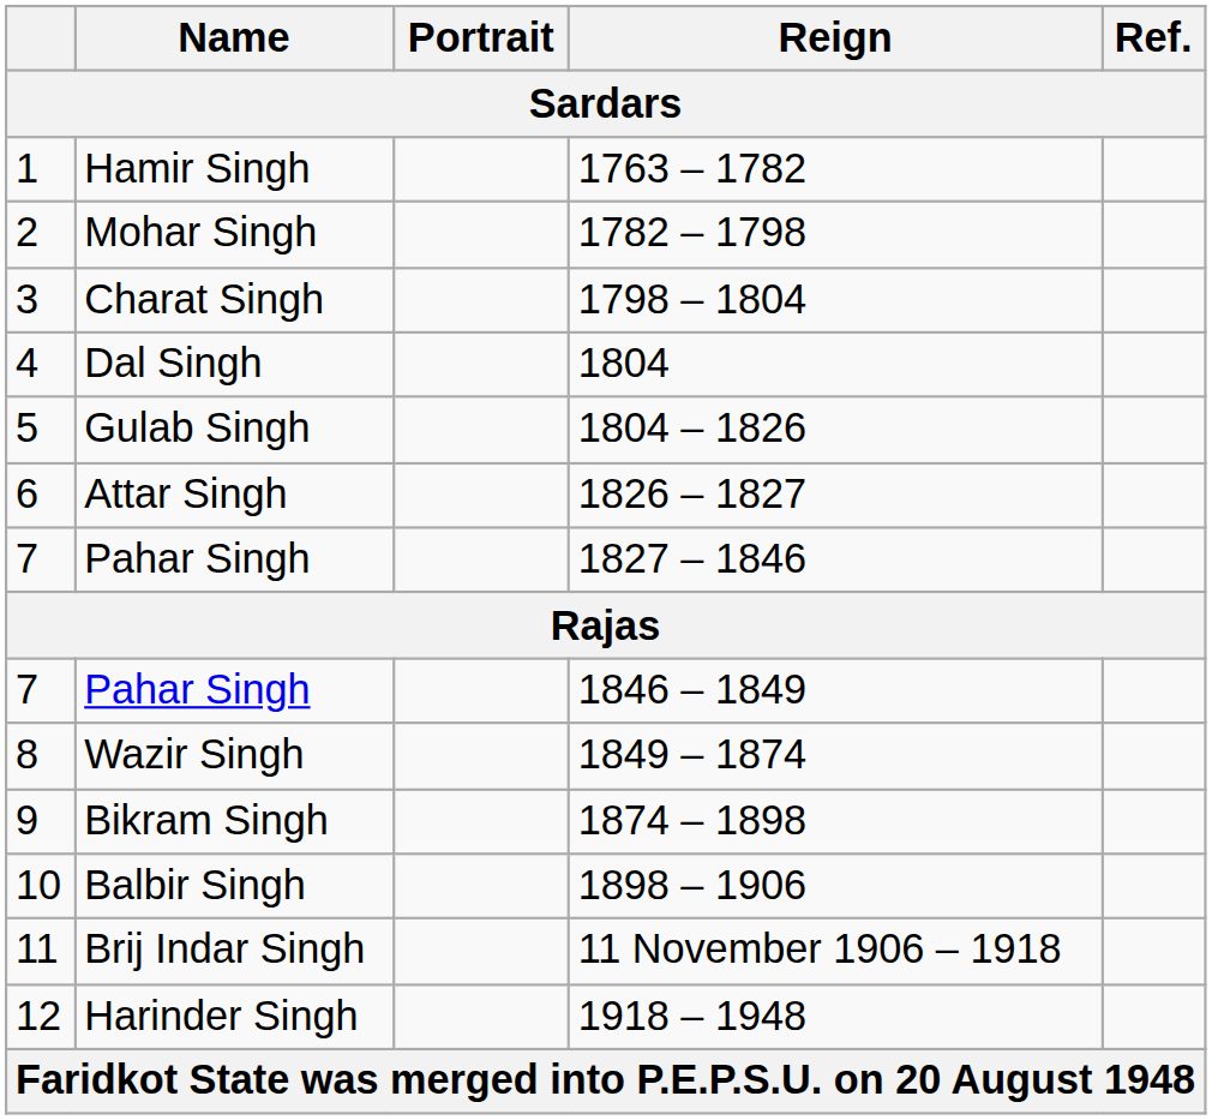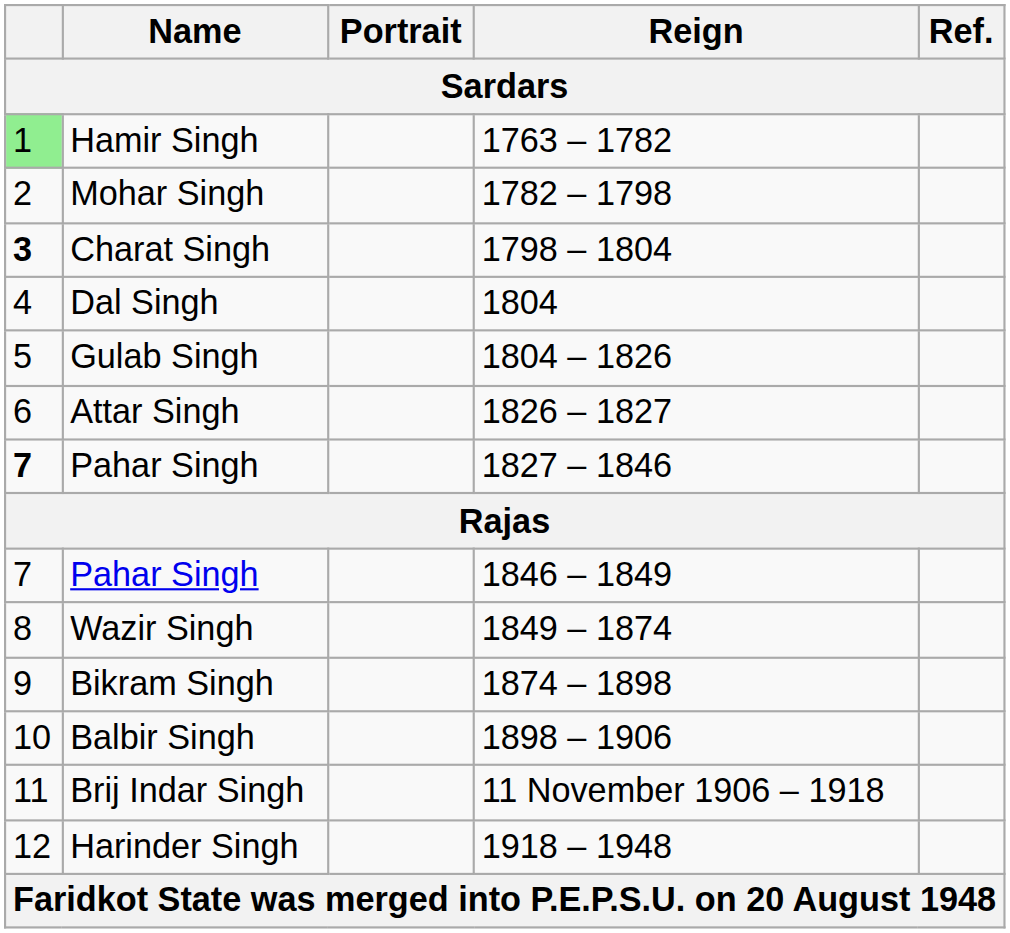 <table class="wikitable">
 <tr>
 <th></th>
 <th>Name<br></th>
 <th>Portrait</th>
 <th class="unsortable">Reign</th>
 <th>Ref.</th>
 </tr>
 <tr>
 <th colspan="5"><strong>Sardars</strong></th>
 </tr>
 <tr>
-<td>1</td>
+<td style="background: lightgreen;">1</td>
 <td>Hamir Singh<br></td>
 <td></td>
 <td>1763 – 1782</td>
 <td></td>
 </tr>
 <tr>
 <td>2</td>
 <td>Mohar Singh</td>
 <td></td>
 <td>1782 – 1798</td>
 <td></td>
 </tr>
 <tr>
-<td>3</td>
+<td><strong>3</strong></td>
 <td>Charat Singh</td>
 <td></td>
 <td>1798 – 1804</td>
 <td></td>
 </tr>
 <tr>
 <td>4</td>
 <td>Dal Singh</td>
 <td></td>
 <td>1804</td>
 <td></td>
 </tr>
 <tr>
 <td>5</td>
 <td>Gulab Singh</td>
 <td></td>
 <td>1804 – 1826</td>
 <td></td>
 </tr>
 <tr>
 <td>6</td>
 <td>Attar Singh</td>
 <td></td>
 <td>1826 – 1827</td>
 <td></td>
 </tr>
 <tr>
-<td>7</td>
+<td><strong>7</strong></td>
 <td>Pahar Singh</td>
 <td></td>
 <td>1827 – 1846</td>
 <td></td>
 </tr>
 <tr>
 <th colspan="5">Rajas</th>
 </tr>
 <tr>
 <td>7</td>
 <td><a href='#'>Pahar Singh</a><br></td>
 <td></td>
 <td>1846 – 1849</td>
 <td></td>
 </tr>
 <tr>
 <td>8</td>
 <td>Wazir Singh</td>
 <td></td>
 <td>1849 – 1874</td>
 <td></td>
 </tr>
 <tr>
 <td>9</td>
 <td>Bikram Singh<br></td>
 <td></td>
 <td>1874 – 1898</td>
 <td></td>
 </tr>
 <tr>
 <td>10</td>
 <td>Balbir Singh<br></td>
 <td></td>
 <td>1898 – 1906</td>
 <td></td>
 </tr>
 <tr>
 <td>11</td>
 <td>Brij Indar Singh</td>
 <td></td>
 <td>11 November 1906 – 1918</td>
 <td></td>
 </tr>
 <tr>
 <td>12</td>
 <td>Harinder Singh</td>
 <td></td>
 <td>1918 – 1948</td>
 <td></td>
 </tr>
 <tr>
 <th colspan="5">Faridkot State was merged into P.E.P.S.U. on 20 August 1948</th>
 </tr>
 </table>
